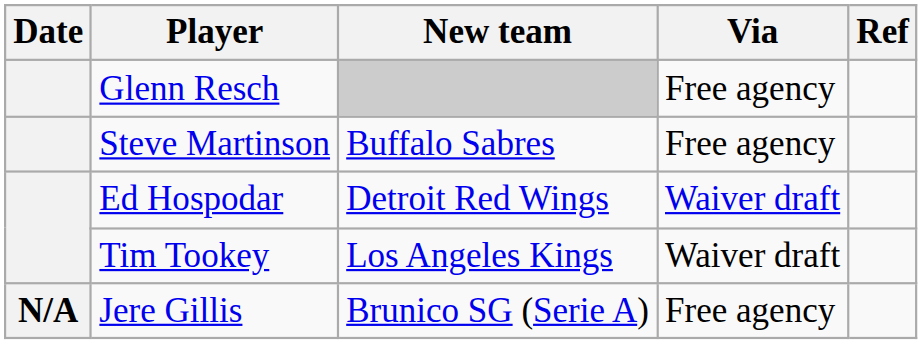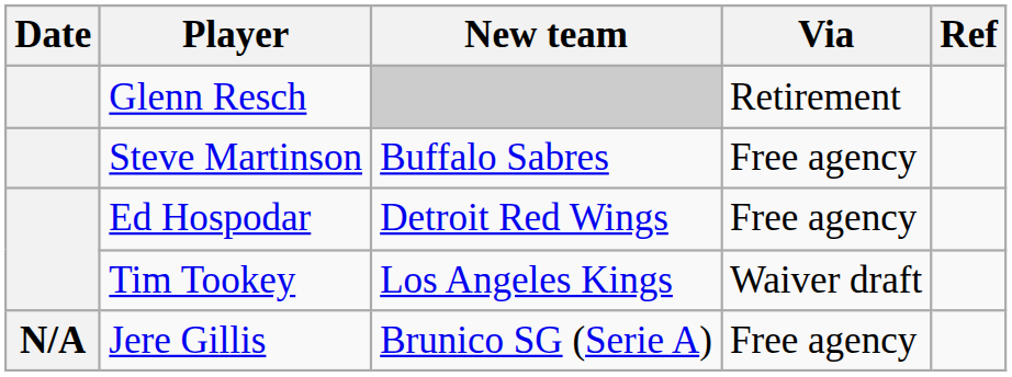 <table class="wikitable plainrowheaders">
 <tr style="background:#ddd; text-align:center;">
 <th>Date</th>
 <th>Player</th>
 <th>New team</th>
 <th>Via</th>
 <th>Ref</th>
 </tr>
 <tr>
 <th scope="row"></th>
 <td><a href='#'>Glenn Resch</a></td>
 <td style="background:#ccc"></td>
-<td>Free agency</td>
+<td>Retirement</td>
 <td></td>
 </tr>
 <tr>
 <th scope="row"></th>
 <td><a href='#'>Steve Martinson</a></td>
 <td><a href='#'>Buffalo Sabres</a></td>
 <td>Free agency</td>
 <td></td>
 </tr>
 <tr>
 <th scope="row" rowspan="2"></th>
 <td><a href='#'>Ed Hospodar</a></td>
 <td><a href='#'>Detroit Red Wings</a></td>
-<td><a href='#'>Waiver draft</a></td>
+<td>Free agency</td>
 <td></td>
 </tr>
 <tr>
 <td><a href='#'>Tim Tookey</a></td>
 <td><a href='#'>Los Angeles Kings</a></td>
 <td>Waiver draft</td>
 <td></td>
 </tr>
 <tr>
 <th scope="row">N/A</th>
 <td><a href='#'>Jere Gillis</a></td>
 <td><a href='#'>Brunico SG</a> (<a href='#'>Serie A</a>)</td>
 <td>Free agency</td>
 <td></td>
 </tr>
 </table>
